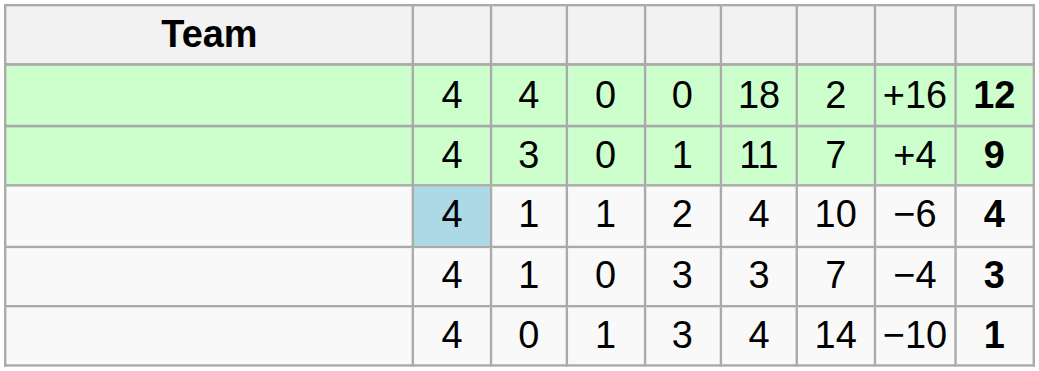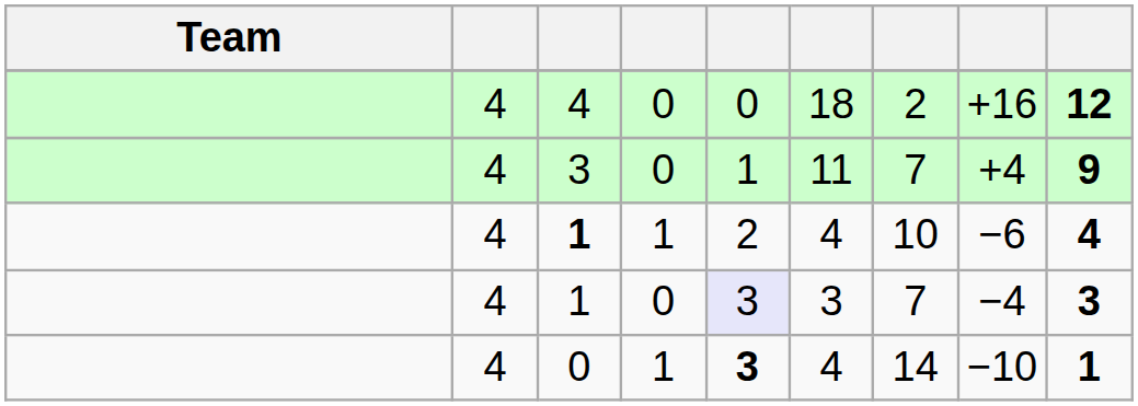 <table class="wikitable" style="text-align: center;">
 <tr>
 <th width=165>Team</th>
 <th width=25></th>
 <th width=25></th>
 <th width=25></th>
 <th width=25></th>
 <th width=25></th>
 <th width=25></th>
 <th width=25></th>
 <th width=25></th>
 </tr>
 <tr style="background:#ffffff;">
 </tr>
 <tr style="background:#ccffcc;">
 <td style="text-align:left;"></td>
 <td>4</td>
 <td>4</td>
 <td>0</td>
 <td>0</td>
 <td>18</td>
 <td>2</td>
 <td>+16</td>
 <td><strong>12</strong></td>
 </tr>
 <tr align=center>
 </tr>
 <tr style="background:#ccffcc;">
 <td style="text-align:left;"></td>
 <td>4</td>
 <td>3</td>
 <td>0</td>
 <td>1</td>
 <td>11</td>
 <td>7</td>
 <td>+4</td>
 <td><strong>9</strong></td>
 </tr>
 <tr align=center>
 <td style="text-align:left;"></td>
-<td style="background: lightblue;">4</td>
-<td>1</td>
+<td>4</td>
+<td><strong>1</strong></td>
 <td>1</td>
 <td>2</td>
 <td>4</td>
 <td>10</td>
 <td>−6</td>
 <td><strong>4</strong></td>
 </tr>
 <tr align=center>
 <td style="text-align:left;"></td>
 <td>4</td>
 <td>1</td>
 <td>0</td>
-<td>3</td>
+<td style="background: lavender;">3</td>
 <td>3</td>
 <td>7</td>
 <td>−4</td>
 <td><strong>3</strong></td>
 </tr>
 <tr align=center>
 <td style="text-align:left;"></td>
 <td>4</td>
 <td>0</td>
 <td>1</td>
-<td>3</td>
+<td><strong>3</strong></td>
 <td>4</td>
 <td>14</td>
 <td>−10</td>
 <td><strong>1</strong></td>
 </tr>
 </table>
